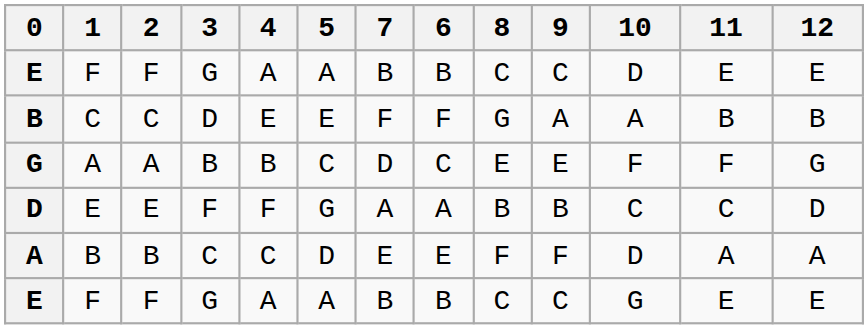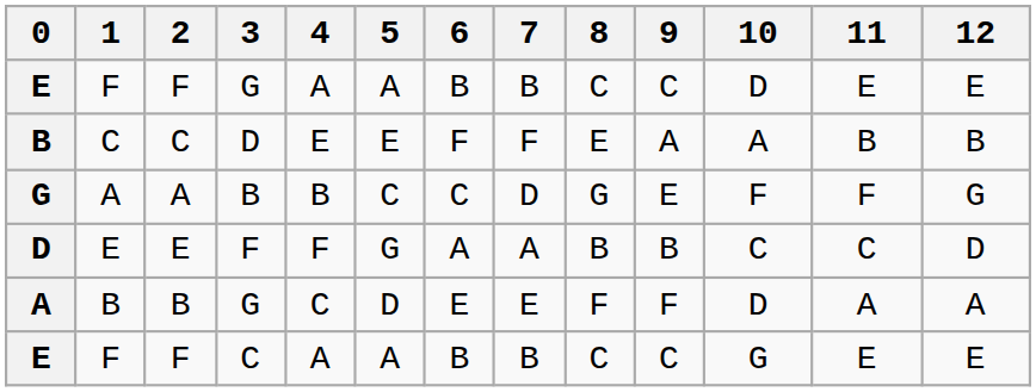 <table class="wikitable" style="width: 400px; text-align:center;">
 <tr>
 <th>0</th>
 <th>1</th>
 <th>2</th>
 <th>3</th>
 <th>4</th>
 <th>5</th>
+<th>6</th>
 <th>7</th>
-<th>6</th>
 <th>8</th>
 <th>9</th>
 <th>10</th>
 <th>11</th>
 <th>12</th>
 </tr>
 <tr>
 <th>E</th>
 <td>F</td>
 <td>F</td>
 <td>G</td>
 <td>A</td>
 <td>A</td>
 <td>B</td>
 <td>B</td>
 <td>C</td>
 <td>C</td>
 <td>D</td>
 <td>E</td>
 <td>E</td>
 </tr>
 <tr>
 <th>B</th>
 <td>C</td>
 <td>C</td>
 <td>D</td>
 <td>E</td>
 <td>E</td>
 <td>F</td>
 <td>F</td>
-<td>G</td>
+<td>E</td>
 <td>A</td>
 <td>A</td>
 <td>B</td>
 <td>B</td>
 </tr>
 <tr>
 <th>G</th>
 <td>A</td>
 <td>A</td>
 <td>B</td>
 <td>B</td>
 <td>C</td>
+<td>C</td>
 <td>D</td>
-<td>C</td>
-<td>E</td>
+<td>G</td>
 <td>E</td>
 <td>F</td>
 <td>F</td>
 <td>G</td>
 </tr>
 <tr>
 <th>D</th>
 <td>E</td>
 <td>E</td>
 <td>F</td>
 <td>F</td>
 <td>G</td>
 <td>A</td>
 <td>A</td>
 <td>B</td>
 <td>B</td>
 <td>C</td>
 <td>C</td>
 <td>D</td>
 </tr>
 <tr>
 <th>A</th>
 <td>B</td>
 <td>B</td>
-<td>C</td>
+<td>G</td>
 <td>C</td>
 <td>D</td>
 <td>E</td>
 <td>E</td>
 <td>F</td>
 <td>F</td>
 <td>D</td>
 <td>A</td>
 <td>A</td>
 </tr>
 <tr>
 <th>E</th>
 <td>F</td>
 <td>F</td>
-<td>G</td>
+<td>C</td>
 <td>A</td>
 <td>A</td>
 <td>B</td>
 <td>B</td>
 <td>C</td>
 <td>C</td>
 <td>G</td>
 <td>E</td>
 <td>E</td>
 </tr>
 </table>
